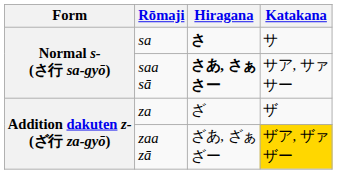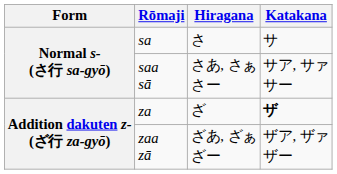 <table class="wikitable">
 <tr>
 <th>Form</th>
 <th><a href='#'>Rōmaji</a></th>
 <th><a href='#'>Hiragana</a></th>
 <th><a href='#'>Katakana</a></th>
 </tr>
 <tr>
 <th rowspan="2">Normal <em>s-</em><br>(さ行 <em>sa-gyō</em>)</th>
 <td><em>sa</em></td>
-<td><strong>さ</strong></td>
+<td>さ</td>
 <td>サ</td>
 </tr>
 <tr>
 <td><em>saa</em><br><em>sā</em></td>
-<td><strong>さあ, さぁ<br>さー</strong></td>
+<td>さあ, さぁ<br>さー</td>
 <td>サア, サァ<br>サー</td>
 </tr>
 <tr>
 <th rowspan="2">Addition <a href='#'>dakuten</a> <em>z-</em><br>(ざ行 <em>za-gyō</em>)</th>
 <td><em>za</em></td>
 <td>ざ</td>
-<td>ザ</td>
+<td><strong>ザ</strong></td>
 </tr>
 <tr>
 <td><em>zaa</em><br><em>zā</em></td>
 <td>ざあ, ざぁ<br>ざー</td>
-<td style="background: gold;">ザア, ザァ<br>ザー</td>
+<td>ザア, ザァ<br>ザー</td>
 </tr>
 </table>
